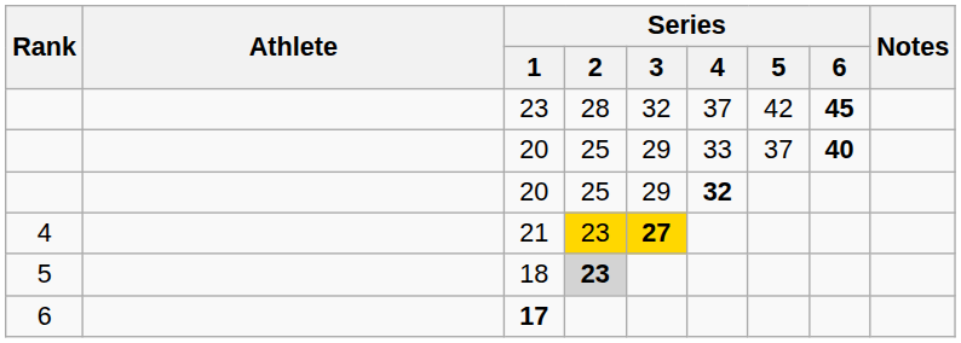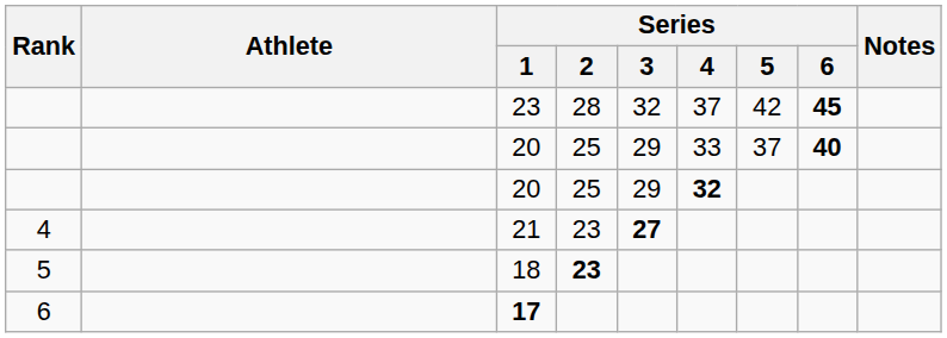 <table class="wikitable" style="text-align:center">
 <tr>
 <th rowspan=2 width=40>Rank</th>
 <th rowspan=2 width=250>Athlete</th>
 <th colspan=6>Series</th>
 <th rowspan=2 width=45>Notes</th>
 </tr>
 <tr>
 <th width=30>1</th>
 <th width=30>2</th>
 <th width=30>3</th>
 <th width=30>4</th>
 <th width=30>5</th>
 <th width=30>6</th>
 </tr>
 <tr>
 <td></td>
 <td align=left></td>
 <td>23</td>
 <td>28</td>
 <td>32</td>
 <td>37</td>
 <td>42</td>
 <td><strong>45</strong></td>
 <td></td>
 </tr>
 <tr>
 <td></td>
 <td align=left></td>
 <td>20</td>
 <td>25</td>
 <td>29</td>
 <td>33</td>
 <td>37</td>
 <td><strong>40</strong></td>
 <td></td>
 </tr>
 <tr>
 <td></td>
 <td align=left></td>
 <td>20</td>
 <td>25</td>
 <td>29</td>
 <td><strong>32</strong></td>
 <td></td>
 <td></td>
 <td></td>
 </tr>
 <tr>
 <td>4</td>
 <td align=left></td>
 <td>21</td>
-<td style="background: gold;">23</td>
-<td style="background: gold;"><strong>27</strong></td>
+<td>23</td>
+<td><strong>27</strong></td>
 <td></td>
 <td></td>
 <td></td>
 <td></td>
 </tr>
 <tr>
 <td>5</td>
 <td align=left></td>
 <td>18</td>
-<td style="background: lightgrey;"><strong>23</strong></td>
+<td><strong>23</strong></td>
 <td></td>
 <td></td>
 <td></td>
 <td></td>
 <td></td>
 </tr>
 <tr>
 <td>6</td>
 <td align=left></td>
 <td><strong>17</strong></td>
 <td></td>
 <td></td>
 <td></td>
 <td></td>
 <td></td>
 <td></td>
 </tr>
 </table>
